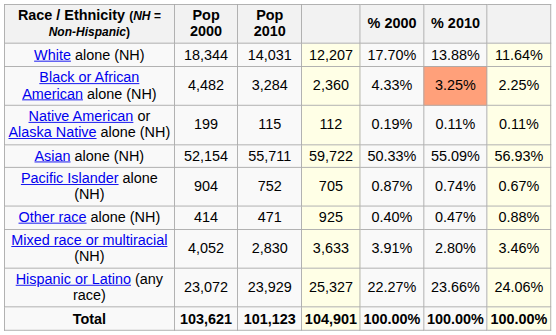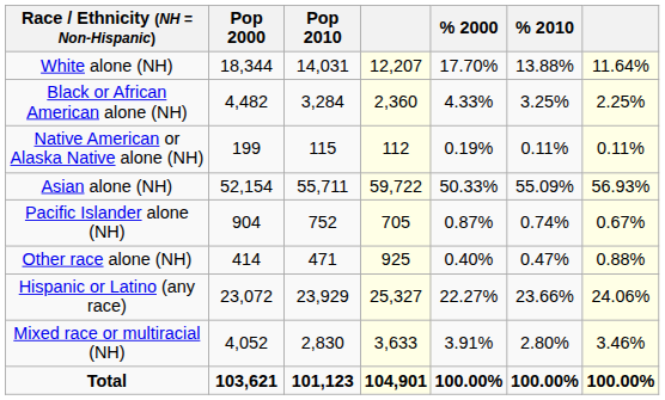 <table class="wikitable" style="text-align:center;">
 <tr>
 <th>Race / Ethnicity <small>(<em>NH = Non-Hispanic</em>)</small></th>
 <th>Pop 2000</th>
 <th>Pop 2010</th>
 <th></th>
 <th>% 2000</th>
 <th>% 2010</th>
 <th></th>
 </tr>
 <tr>
 <td><a href='#'>White</a> alone (NH)</td>
 <td>18,344</td>
 <td>14,031</td>
 <td style='background: #ffffe6;'>12,207</td>
 <td>17.70%</td>
 <td>13.88%</td>
 <td style='background: #ffffe6;'>11.64%</td>
 </tr>
 <tr>
 <td><a href='#'>Black or African American</a> alone (NH)</td>
 <td>4,482</td>
 <td>3,284</td>
 <td style='background: #ffffe6;'>2,360</td>
 <td>4.33%</td>
-<td style="background: lightsalmon;">3.25%</td>
+<td>3.25%</td>
 <td style='background: #ffffe6;'>2.25%</td>
 </tr>
 <tr>
 <td><a href='#'>Native American</a> or <a href='#'>Alaska Native</a> alone (NH)</td>
 <td>199</td>
 <td>115</td>
 <td style='background: #ffffe6;'>112</td>
 <td>0.19%</td>
 <td>0.11%</td>
 <td style='background: #ffffe6;'>0.11%</td>
 </tr>
 <tr>
 <td><a href='#'>Asian</a> alone (NH)</td>
 <td>52,154</td>
 <td>55,711</td>
 <td style='background: #ffffe6;'>59,722</td>
 <td>50.33%</td>
 <td>55.09%</td>
 <td style='background: #ffffe6;'>56.93%</td>
 </tr>
 <tr>
 <td><a href='#'>Pacific Islander</a> alone (NH)</td>
 <td>904</td>
 <td>752</td>
 <td style='background: #ffffe6;'>705</td>
 <td>0.87%</td>
 <td>0.74%</td>
 <td style='background: #ffffe6;'>0.67%</td>
 </tr>
 <tr>
 <td><a href='#'>Other race</a> alone (NH)</td>
 <td>414</td>
 <td>471</td>
 <td style='background: #ffffe6;'>925</td>
 <td>0.40%</td>
 <td>0.47%</td>
 <td style='background: #ffffe6;'>0.88%</td>
 </tr>
 <tr>
+<td><a href='#'>Hispanic or Latino</a> (any race)</td>
+<td>23,072</td>
+<td>23,929</td>
+<td style='background: #ffffe6;'>25,327</td>
+<td>22.27%</td>
+<td>23.66%</td>
+<td style='background: #ffffe6;'>24.06%</td>
+</tr>
+<tr>
 <td><a href='#'>Mixed race or multiracial</a> (NH)</td>
 <td>4,052</td>
 <td>2,830</td>
 <td style='background: #ffffe6;'>3,633</td>
 <td>3.91%</td>
 <td>2.80%</td>
 <td style='background: #ffffe6;'>3.46%</td>
-</tr>
-<tr>
-<td><a href='#'>Hispanic or Latino</a> (any race)</td>
-<td>23,072</td>
-<td>23,929</td>
-<td style='background: #ffffe6;'>25,327</td>
-<td>22.27%</td>
-<td>23.66%</td>
-<td style='background: #ffffe6;'>24.06%</td>
 </tr>
 <tr>
 <td><strong>Total</strong></td>
 <td><strong>103,621</strong></td>
 <td><strong>101,123</strong></td>
 <td style='background: #ffffe6;'><strong>104,901</strong></td>
 <td><strong>100.00%</strong></td>
 <td><strong>100.00%</strong></td>
 <td style='background: #ffffe6;'><strong>100.00%</strong></td>
 </tr>
 </table>
